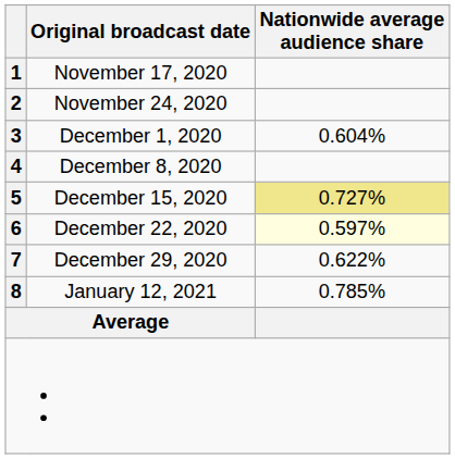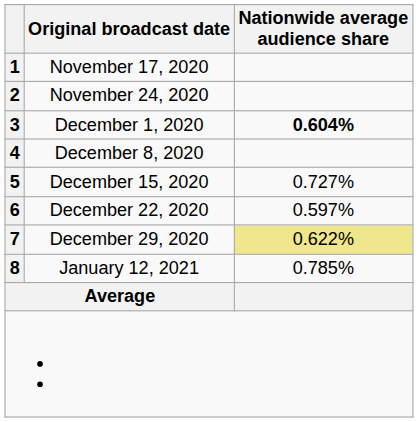 <table class="wikitable" style="text-align:center;max-width:450px; margin-left: auto; margin-right: auto; border: none;">
 <tr>
 </tr>
 <tr>
 <th></th>
 <th>Original broadcast date</th>
 <th>Nationwide average<br>audience share</th>
 </tr>
 <tr>
 <th>1</th>
 <td>November 17, 2020</td>
 <td></td>
 </tr>
 <tr>
 <th>2</th>
 <td>November 24, 2020</td>
 <td></td>
 </tr>
 <tr>
 <th>3</th>
 <td>December 1, 2020</td>
-<td>0.604%</td>
+<td><strong>0.604%</strong></td>
 </tr>
 <tr>
 <th>4</th>
 <td>December 8, 2020</td>
 <td></td>
 </tr>
 <tr>
 <th>5</th>
 <td>December 15, 2020</td>
-<td style="background: khaki;">0.727%</td>
+<td>0.727%</td>
 </tr>
 <tr>
 <th>6</th>
 <td>December 22, 2020</td>
-<td style="background: lightyellow;">0.597%</td>
+<td>0.597%</td>
 </tr>
 <tr>
 <th>7</th>
 <td>December 29, 2020</td>
-<td>0.622%</td>
+<td style="background: khaki;">0.622%</td>
 </tr>
 <tr>
 <th>8</th>
 <td>January 12, 2021</td>
 <td>0.785%</td>
 </tr>
 <tr>
 <th colspan="2">Average</th>
 <th></th>
 </tr>
 <tr>
 <td colspan="4"><br><ul><li></li><li></li></ul></td>
 </tr>
 </table>
